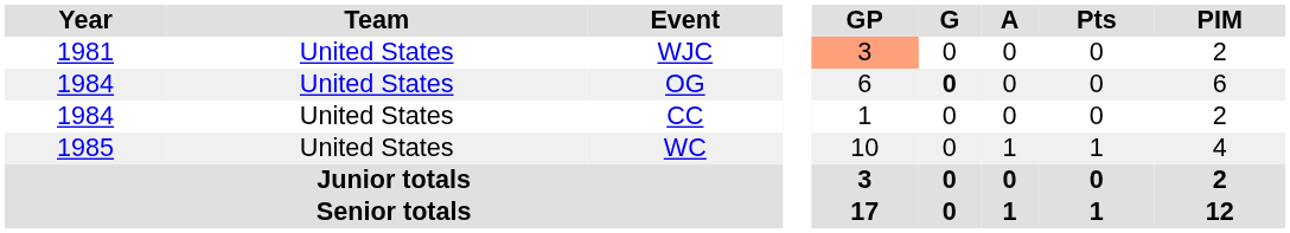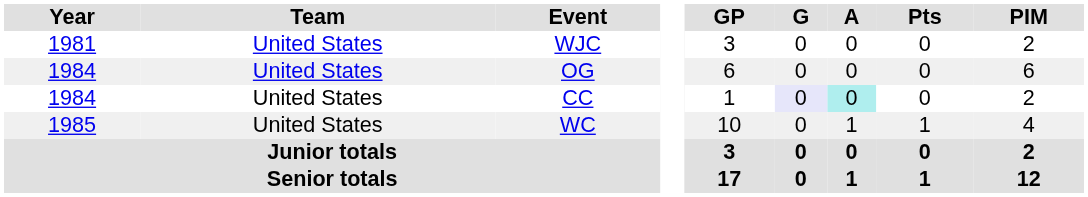 <table border="0" cellpadding="1" cellspacing="0" style="text-align:center; width:50em">
 <tr ALIGN="centre" bgcolor="#e0e0e0">
 <th>Year</th>
 <th>Team</th>
 <th>Event</th>
 <th rowspan="99" bgcolor="#ffffff"> </th>
 <th>GP</th>
 <th>G</th>
 <th>A</th>
 <th>Pts</th>
 <th>PIM</th>
 </tr>
 <tr>
 <td><a href='#'>1981</a></td>
 <td><a href='#'>United States</a></td>
 <td><a href='#'>WJC</a></td>
-<td style="background: lightsalmon;">3</td>
+<td>3</td>
 <td>0</td>
 <td>0</td>
 <td>0</td>
 <td>2</td>
 </tr>
 <tr bgcolor="#f0f0f0">
 <td><a href='#'>1984</a></td>
 <td><a href='#'>United States</a></td>
 <td><a href='#'>OG</a></td>
 <td>6</td>
-<td><strong>0</strong></td>
+<td>0</td>
 <td>0</td>
 <td>0</td>
 <td>6</td>
 </tr>
 <tr>
 <td><a href='#'>1984</a></td>
 <td>United States</td>
 <td><a href='#'>CC</a></td>
 <td>1</td>
-<td>0</td>
-<td>0</td>
+<td style="background: lavender;">0</td>
+<td style="background: paleturquoise;">0</td>
 <td>0</td>
 <td>2</td>
 </tr>
 <tr bgcolor="#f0f0f0">
 <td><a href='#'>1985</a></td>
 <td>United States</td>
 <td><a href='#'>WC</a></td>
 <td>10</td>
 <td>0</td>
 <td>1</td>
 <td>1</td>
 <td>4</td>
 </tr>
 <tr style="background:#e0e0e0;">
 <th colspan="3">Junior totals</th>
 <th>3</th>
 <th>0</th>
 <th>0</th>
 <th>0</th>
 <th>2</th>
 </tr>
 <tr style="background:#e0e0e0;">
 <th colspan="3">Senior totals</th>
 <th>17</th>
 <th>0</th>
 <th>1</th>
 <th>1</th>
 <th>12</th>
 </tr>
 </table>
